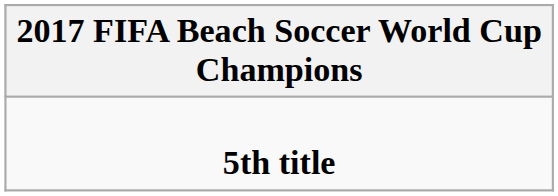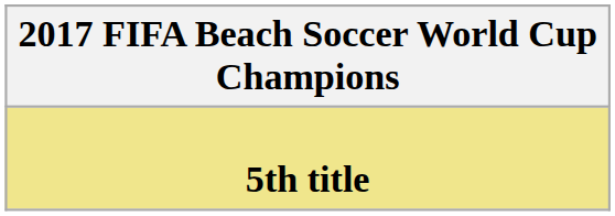 <table class="wikitable" style="text-align:center;margin:1em auto">
 <tr>
 <th width=250><strong>2017 FIFA Beach Soccer World Cup<br>Champions</strong></th>
 </tr>
 <tr>
-<td><strong></strong><br><strong>5th title</strong><br></td>
+<td style="background: khaki;"><strong></strong><br><strong>5th title</strong><br></td>
 </tr>
 </table>
